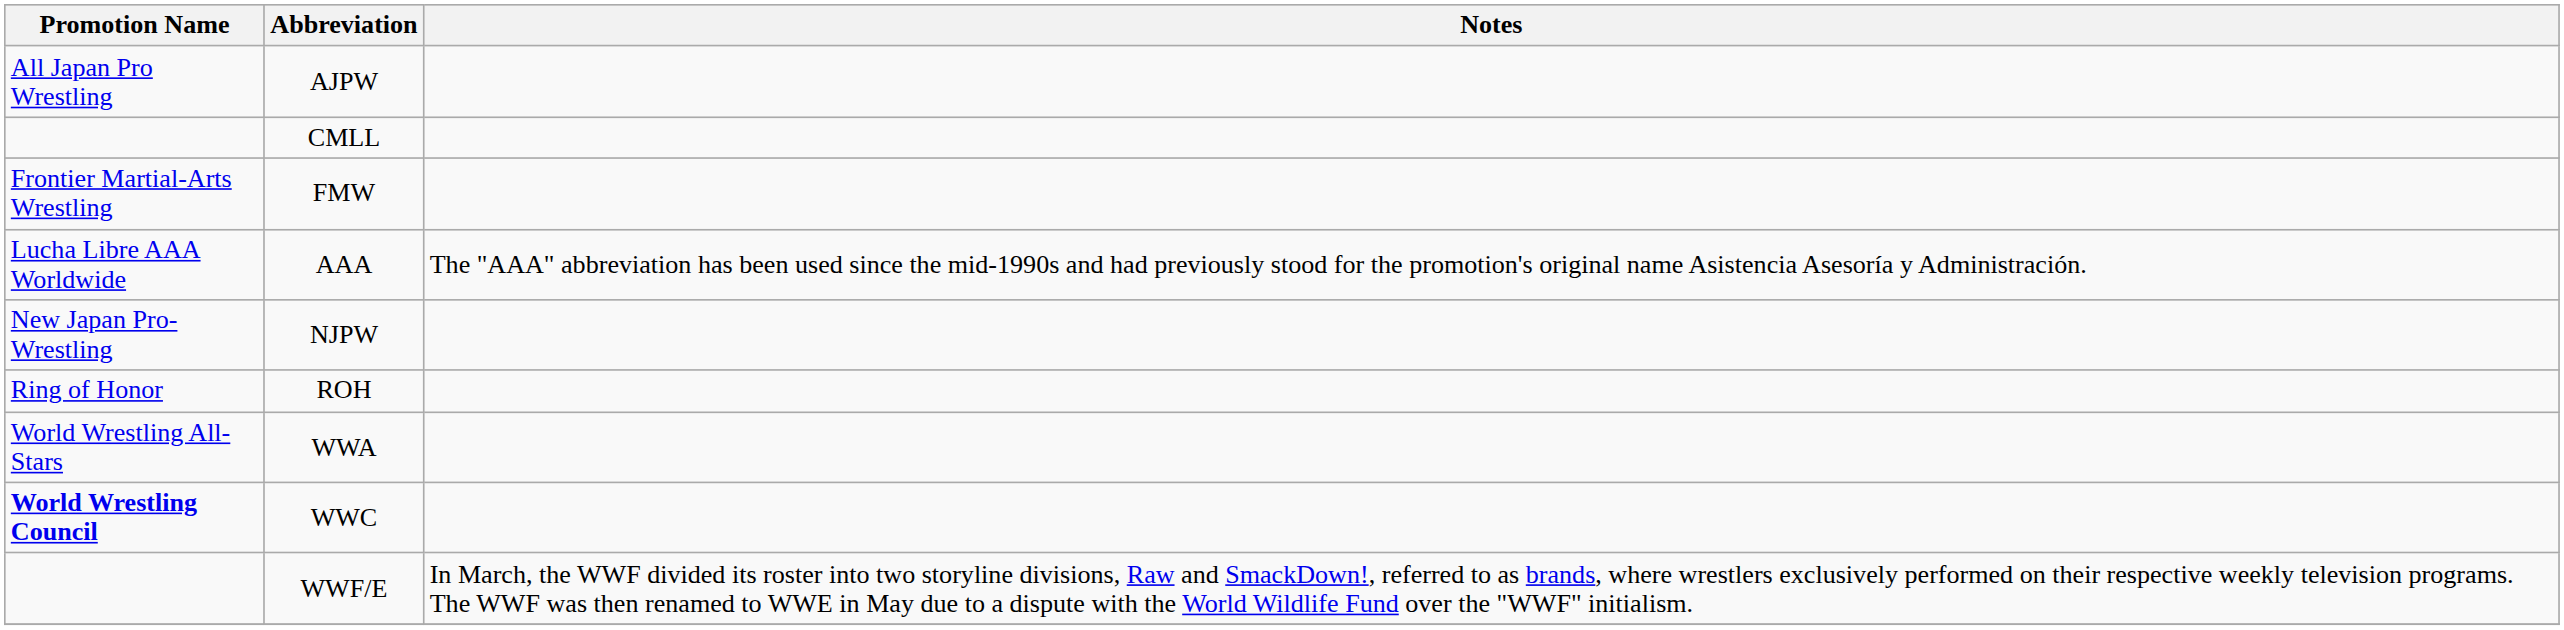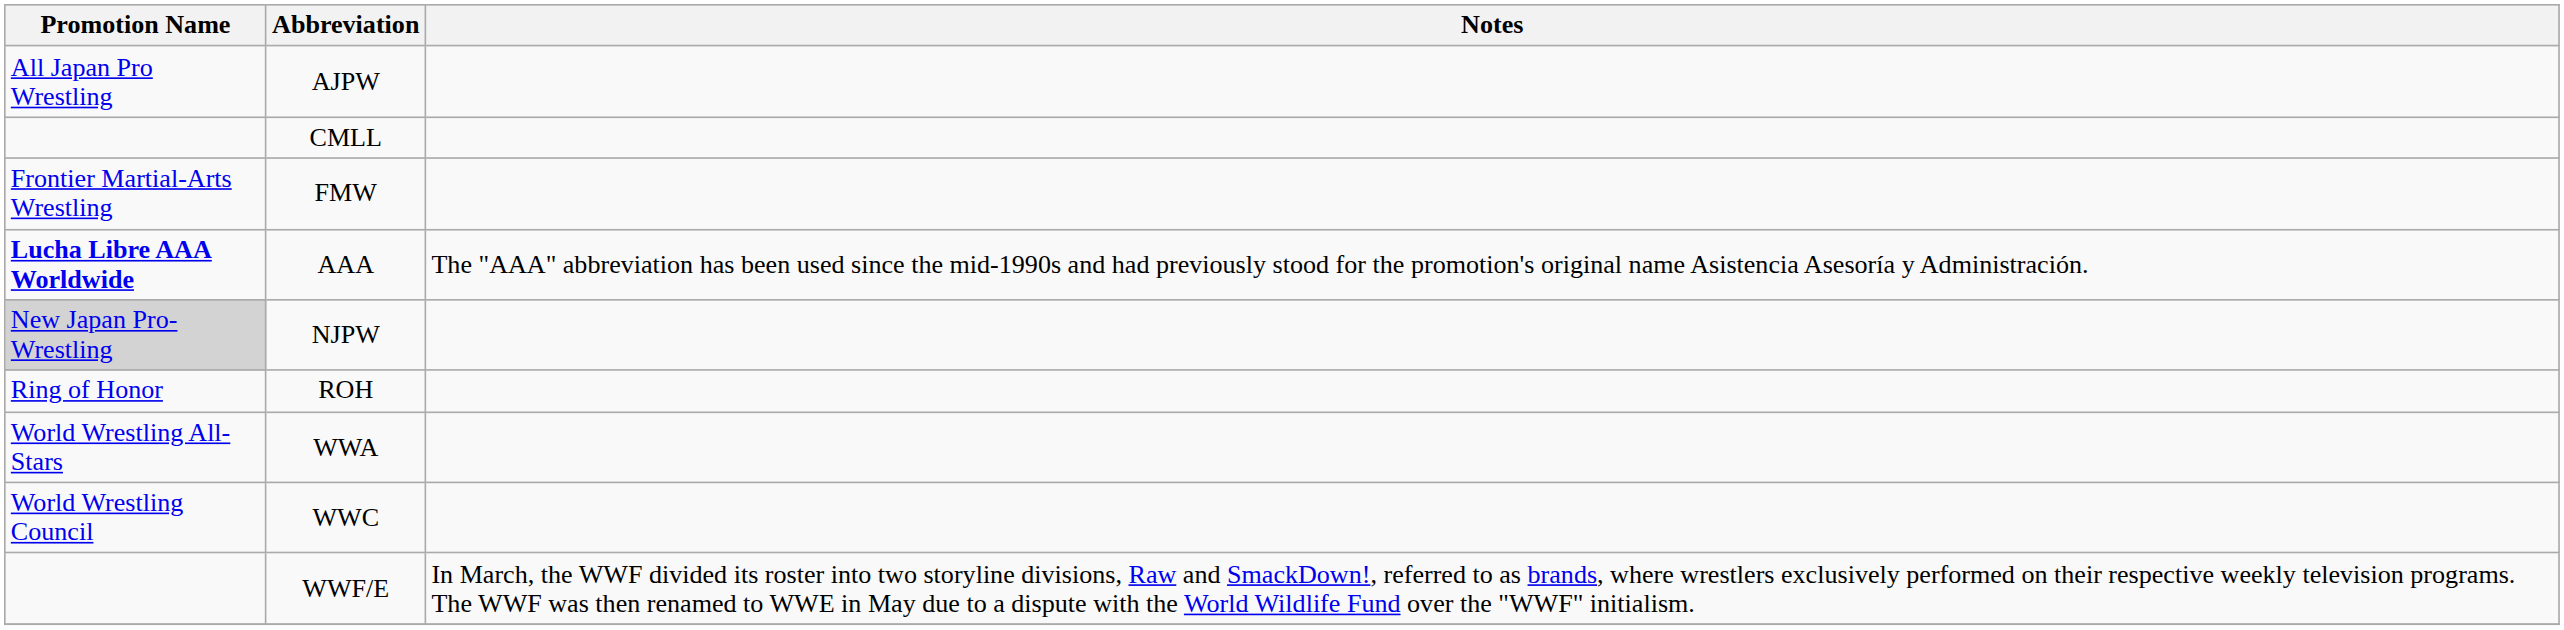 <table class="wikitable">
 <tr>
 <th>Promotion Name</th>
 <th>Abbreviation</th>
 <th>Notes</th>
 </tr>
 <tr>
 <td><a href='#'>All Japan Pro Wrestling</a></td>
 <td align=center>AJPW</td>
 <td></td>
 </tr>
 <tr>
 <td></td>
 <td align=center>CMLL</td>
 <td></td>
 </tr>
 <tr>
 <td><a href='#'>Frontier Martial-Arts Wrestling</a></td>
 <td align=center>FMW</td>
 <td></td>
 </tr>
 <tr>
-<td><a href='#'>Lucha Libre AAA Worldwide</a></td>
+<td><strong><a href='#'>Lucha Libre AAA Worldwide</a></strong></td>
 <td align=center>AAA</td>
 <td>The "AAA" abbreviation has been used since the mid-1990s and had previously stood for the promotion's original name Asistencia Asesoría y Administración.</td>
 </tr>
 <tr>
-<td><a href='#'>New Japan Pro-Wrestling</a></td>
+<td style="background: lightgrey;"><a href='#'>New Japan Pro-Wrestling</a></td>
 <td align=center>NJPW</td>
 <td></td>
 </tr>
 <tr>
 <td><a href='#'>Ring of Honor</a></td>
 <td align=center>ROH</td>
 <td></td>
 </tr>
 <tr>
 <td><a href='#'>World Wrestling All-Stars</a></td>
 <td align=center>WWA</td>
 <td></td>
 </tr>
 <tr>
-<td><strong><a href='#'>World Wrestling Council</a></strong></td>
+<td><a href='#'>World Wrestling Council</a></td>
 <td align=center>WWC</td>
 <td></td>
 </tr>
 <tr>
 <td></td>
 <td align=center>WWF/E</td>
 <td>In March, the WWF divided its roster into two storyline divisions, <a href='#'>Raw</a> and <a href='#'>SmackDown!</a>, referred to as <a href='#'>brands</a>, where wrestlers exclusively performed on their respective weekly television programs. The WWF was then renamed to WWE in May due to a dispute with the <a href='#'>World Wildlife Fund</a> over the "WWF" initialism.</td>
 </tr>
 <tr>
 </tr>
 </table>
